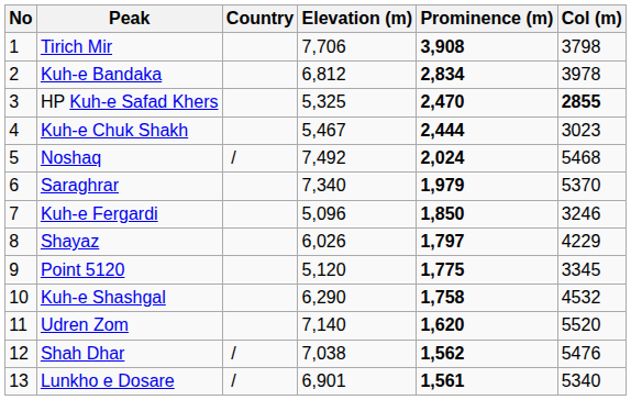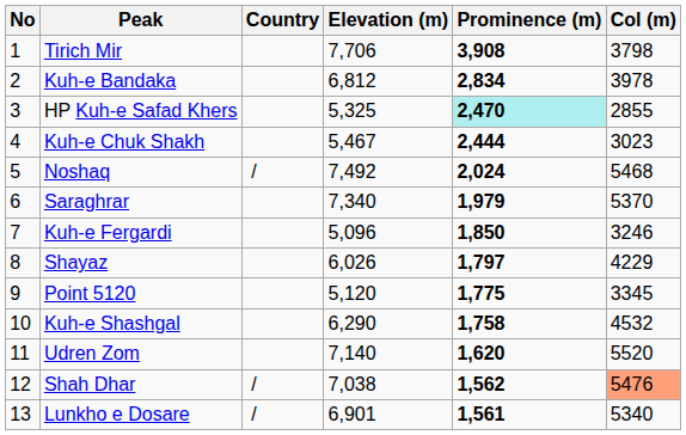 <table class="wikitable sortable">
 <tr>
 <th>No</th>
 <th>Peak</th>
 <th>Country</th>
 <th>Elevation (m)</th>
 <th>Prominence (m)</th>
 <th>Col (m)</th>
 </tr>
 <tr>
 <td>1</td>
 <td><a href='#'>Tirich Mir</a></td>
 <td></td>
 <td>7,706</td>
 <td><strong>3,908</strong></td>
 <td>3798</td>
 </tr>
 <tr>
 <td>2</td>
 <td><a href='#'>Kuh-e Bandaka</a></td>
 <td></td>
 <td>6,812</td>
 <td><strong>2,834</strong></td>
 <td>3978</td>
 </tr>
 <tr>
 <td>3</td>
 <td>HP <a href='#'>Kuh-e Safad Khers</a></td>
 <td></td>
 <td>5,325</td>
-<td><strong>2,470</strong></td>
-<td><strong>2855</strong></td>
+<td style="background: paleturquoise;"><strong>2,470</strong></td>
+<td>2855</td>
 </tr>
 <tr>
 <td>4</td>
 <td><a href='#'>Kuh-e Chuk Shakh</a></td>
 <td></td>
 <td>5,467</td>
 <td><strong>2,444</strong></td>
 <td>3023</td>
 </tr>
 <tr>
 <td>5</td>
 <td><a href='#'>Noshaq</a></td>
 <td> / </td>
 <td>7,492</td>
 <td><strong>2,024</strong></td>
 <td>5468</td>
 </tr>
 <tr>
 <td>6</td>
 <td><a href='#'>Saraghrar</a></td>
 <td></td>
 <td>7,340</td>
 <td><strong>1,979</strong></td>
 <td>5370</td>
 </tr>
 <tr>
 <td>7</td>
 <td><a href='#'>Kuh-e Fergardi</a></td>
 <td></td>
 <td>5,096</td>
 <td><strong>1,850</strong></td>
 <td>3246</td>
 </tr>
 <tr>
 <td>8</td>
 <td><a href='#'>Shayaz</a></td>
 <td></td>
 <td>6,026</td>
 <td><strong>1,797</strong></td>
 <td>4229</td>
 </tr>
 <tr>
 <td>9</td>
 <td><a href='#'>Point 5120</a></td>
 <td></td>
 <td>5,120</td>
 <td><strong>1,775</strong></td>
 <td>3345</td>
 </tr>
 <tr>
 <td>10</td>
 <td><a href='#'>Kuh-e Shashgal</a></td>
 <td></td>
 <td>6,290</td>
 <td><strong>1,758</strong></td>
 <td>4532</td>
 </tr>
 <tr>
 <td>11</td>
 <td><a href='#'>Udren Zom</a></td>
 <td></td>
 <td>7,140</td>
 <td><strong>1,620</strong></td>
 <td>5520</td>
 </tr>
 <tr>
 <td>12</td>
 <td><a href='#'>Shah Dhar</a></td>
 <td> / </td>
 <td>7,038</td>
 <td><strong>1,562</strong></td>
-<td>5476</td>
+<td style="background: lightsalmon;">5476</td>
 </tr>
 <tr>
 <td>13</td>
 <td><a href='#'>Lunkho e Dosare</a></td>
 <td> / </td>
 <td>6,901</td>
 <td><strong>1,561</strong></td>
 <td>5340</td>
 </tr>
 <tr>
 </tr>
 </table>
